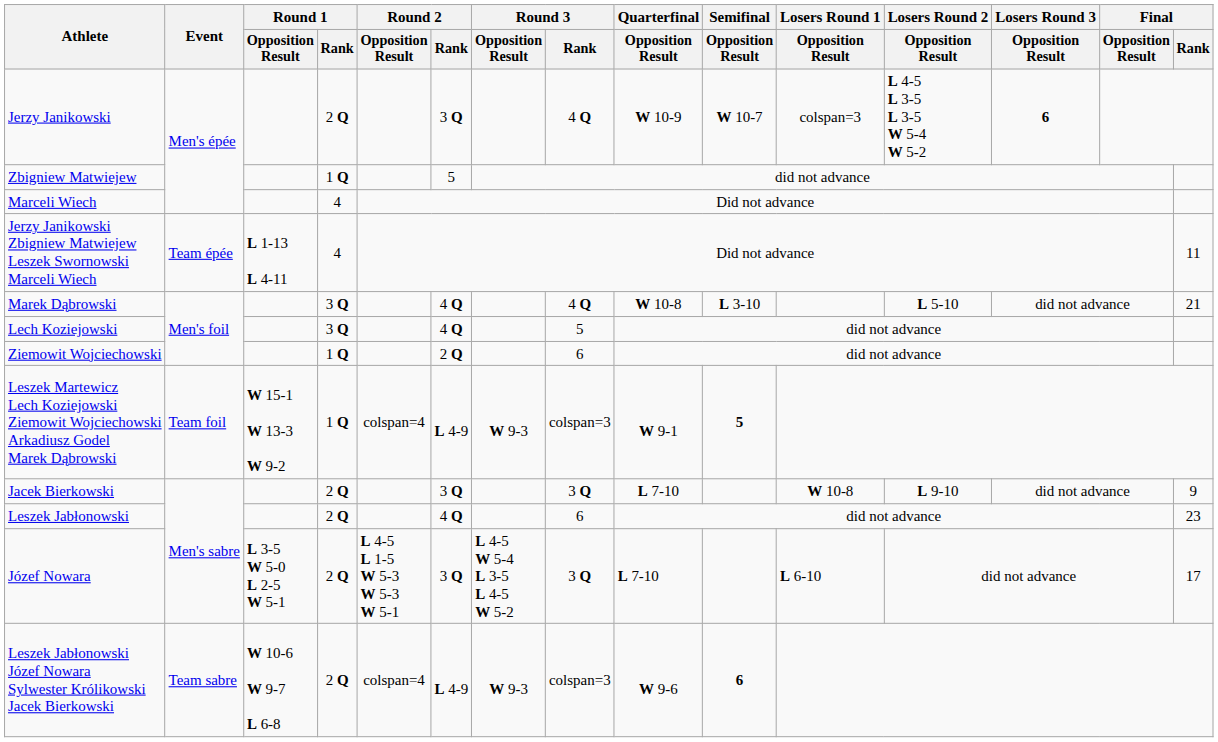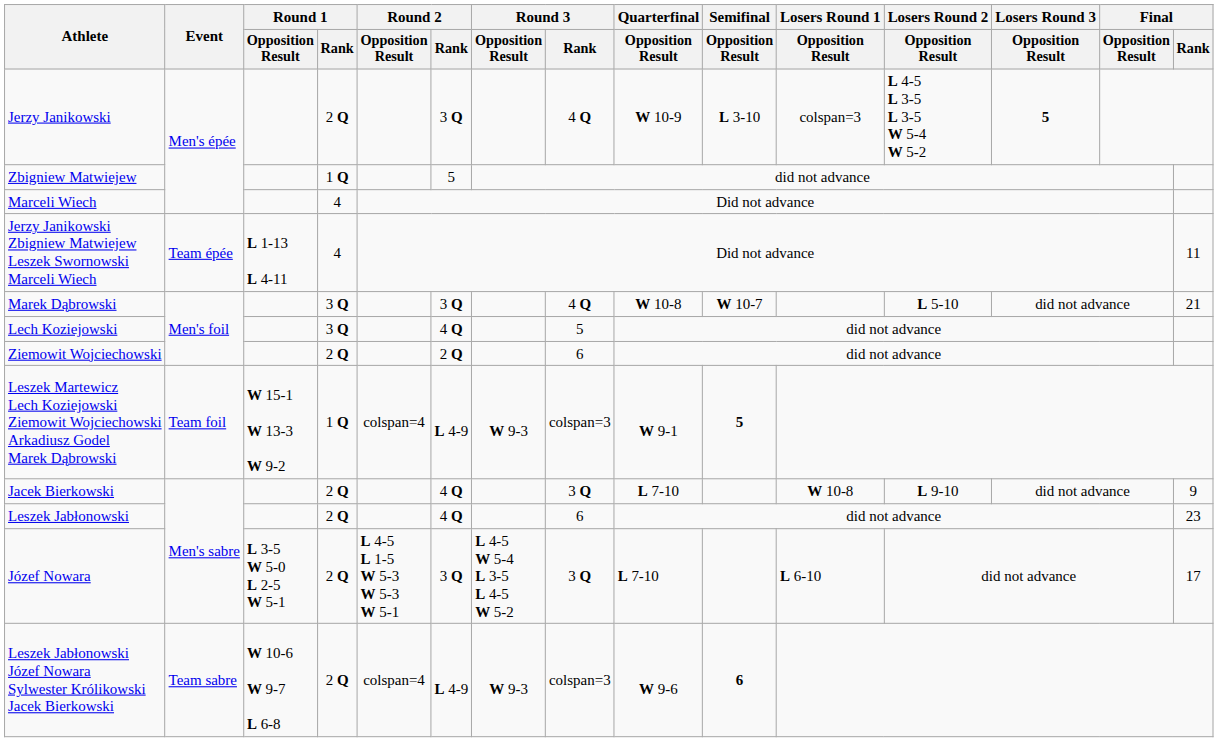 <table class="wikitable" style="font-size:90%;">
 <tr>
 <th rowspan="2">Athlete</th>
 <th rowspan="2">Event</th>
 <th colspan="2">Round 1</th>
 <th colspan="2">Round 2</th>
 <th colspan="2">Round 3</th>
 <th colspan="1">Quarterfinal</th>
 <th colspan="1">Semifinal</th>
 <th colspan="1">Losers Round 1</th>
 <th colspan="1">Losers Round 2</th>
 <th colspan="1">Losers Round 3</th>
 <th colspan=2>Final</th>
 </tr>
 <tr style="font-size:95%">
 <th>Opposition<br>Result</th>
 <th>Rank</th>
 <th>Opposition<br>Result</th>
 <th>Rank</th>
 <th>Opposition<br>Result</th>
 <th>Rank</th>
 <th>Opposition<br>Result</th>
 <th>Opposition<br>Result</th>
 <th>Opposition<br>Result</th>
 <th>Opposition<br>Result</th>
 <th>Opposition<br>Result</th>
 <th>Opposition<br>Result</th>
 <th>Rank</th>
 </tr>
 <tr align=center>
 <td align=left><a href='#'>Jerzy Janikowski</a></td>
 <td align=left rowspan=3><a href='#'>Men's épée</a></td>
 <td></td>
 <td>2 <strong>Q</strong></td>
 <td></td>
 <td>3 <strong>Q</strong></td>
 <td></td>
 <td>4 <strong>Q</strong></td>
 <td> <strong>W</strong> 10-9</td>
-<td> <strong>W</strong> 10-7</td>
+<td> <strong>L</strong> 3-10</td>
 <td>colspan=3 </td>
 <td align=left> <strong>L</strong> 4-5<br> <strong>L</strong> 3-5<br> <strong>L</strong> 3-5<br> <strong>W</strong> 5-4<br> <strong>W</strong> 5-2</td>
-<td><strong>6</strong></td>
+<td><strong>5</strong></td>
 </tr>
 <tr align=center>
 <td align=left><a href='#'>Zbigniew Matwiejew</a></td>
 <td></td>
 <td>1 <strong>Q</strong></td>
 <td></td>
 <td>5</td>
 <td colspan=8>did not advance</td>
 <td></td>
 </tr>
 <tr align=center>
 <td align=left><a href='#'>Marceli Wiech</a></td>
 <td></td>
 <td>4</td>
 <td colspan=10>Did not advance</td>
 <td></td>
 </tr>
 <tr align=center>
 <td align=left><a href='#'>Jerzy Janikowski</a><br><a href='#'>Zbigniew Matwiejew</a><br><a href='#'>Leszek Swornowski</a><br><a href='#'>Marceli Wiech</a></td>
 <td align=left><a href='#'>Team épée</a></td>
 <td align=left><br> <strong>L</strong> 1-13<br><br> <strong>L</strong> 4-11</td>
 <td>4</td>
 <td colspan=10>Did not advance</td>
 <td>11</td>
 </tr>
 <tr align=center>
 <td align=left><a href='#'>Marek Dąbrowski</a></td>
 <td align=left rowspan=3><a href='#'>Men's foil</a></td>
 <td></td>
 <td>3 <strong>Q</strong></td>
 <td></td>
-<td>4 <strong>Q</strong></td>
+<td>3 <strong>Q</strong></td>
 <td></td>
 <td>4 <strong>Q</strong></td>
 <td> <strong>W</strong> 10-8</td>
-<td> <strong>L</strong> 3-10</td>
+<td> <strong>W</strong> 10-7</td>
 <td></td>
 <td> <strong>L</strong> 5-10</td>
 <td colspan=2>did not advance</td>
 <td>21</td>
 </tr>
 <tr align=center>
 <td align=left><a href='#'>Lech Koziejowski</a></td>
 <td></td>
 <td>3 <strong>Q</strong></td>
 <td></td>
 <td>4 <strong>Q</strong></td>
 <td></td>
 <td>5</td>
 <td colspan=6>did not advance</td>
 <td></td>
 </tr>
 <tr align=center>
 <td align=left><a href='#'>Ziemowit Wojciechowski</a></td>
 <td></td>
-<td>1 <strong>Q</strong></td>
+<td>2 <strong>Q</strong></td>
 <td></td>
 <td>2 <strong>Q</strong></td>
 <td></td>
 <td>6</td>
 <td colspan=6>did not advance</td>
 <td></td>
 </tr>
 <tr align=center>
 <td align=left><a href='#'>Leszek Martewicz</a><br><a href='#'>Lech Koziejowski</a><br><a href='#'>Ziemowit Wojciechowski</a><br><a href='#'>Arkadiusz Godel</a><br><a href='#'>Marek Dąbrowski</a></td>
 <td align=left><a href='#'>Team foil</a></td>
 <td align=left><br> <strong>W</strong> 15-1<br><br> <strong>W</strong> 13-3<br><br> <strong>W</strong> 9-2</td>
 <td>1 <strong>Q</strong></td>
 <td>colspan=4 </td>
 <td><br> <strong>L</strong> 4-9</td>
 <td><br> <strong>W</strong> 9-3</td>
 <td>colspan=3 </td>
 <td><br> <strong>W</strong> 9-1</td>
 <td><strong>5</strong></td>
 </tr>
 <tr align=center>
 <td align=left><a href='#'>Jacek Bierkowski</a></td>
 <td align=left rowspan=3><a href='#'>Men's sabre</a></td>
 <td></td>
 <td>2 <strong>Q</strong></td>
 <td></td>
-<td>3 <strong>Q</strong></td>
+<td>4 <strong>Q</strong></td>
 <td></td>
 <td>3 <strong>Q</strong></td>
 <td> <strong>L</strong> 7-10</td>
 <td></td>
 <td> <strong>W</strong> 10-8</td>
 <td> <strong>L</strong> 9-10</td>
 <td colspan=2>did not advance</td>
 <td>9</td>
 </tr>
 <tr align=center>
 <td align=left><a href='#'>Leszek Jabłonowski</a></td>
 <td></td>
 <td>2 <strong>Q</strong></td>
 <td></td>
 <td>4 <strong>Q</strong></td>
 <td></td>
 <td>6</td>
 <td colspan=6>did not advance</td>
 <td>23</td>
 </tr>
 <tr align=center>
 <td align=left><a href='#'>Józef Nowara</a></td>
 <td align=left> <strong>L</strong> 3-5<br> <strong>W</strong> 5-0<br> <strong>L</strong> 2-5<br> <strong>W</strong> 5-1</td>
 <td>2 <strong>Q</strong></td>
 <td align=left> <strong>L</strong> 4-5<br> <strong>L</strong> 1-5<br> <strong>W</strong> 5-3<br> <strong>W</strong> 5-3<br> <strong>W</strong> 5-1</td>
 <td>3 <strong>Q</strong></td>
 <td align=left> <strong>L</strong> 4-5<br> <strong>W</strong> 5-4<br> <strong>L</strong> 3-5<br> <strong>L</strong> 4-5<br> <strong>W</strong> 5-2</td>
 <td>3 <strong>Q</strong></td>
 <td align=left> <strong>L</strong> 7-10</td>
 <td></td>
 <td align=left> <strong>L</strong> 6-10</td>
 <td colspan=3>did not advance</td>
 <td>17</td>
 </tr>
 <tr align=center>
 <td align=left><a href='#'>Leszek Jabłonowski</a><br><a href='#'>Józef Nowara</a><br><a href='#'>Sylwester Królikowski</a><br><a href='#'>Jacek Bierkowski</a></td>
 <td align=left><a href='#'>Team sabre</a></td>
 <td align=left><br> <strong>W</strong> 10-6<br><br> <strong>W</strong> 9-7<br><br> <strong>L</strong> 6-8</td>
 <td>2 <strong>Q</strong></td>
 <td>colspan=4 </td>
 <td><br> <strong>L</strong> 4-9</td>
 <td><br> <strong>W</strong> 9-3</td>
 <td>colspan=3 </td>
 <td><br> <strong>W</strong> 9-6</td>
 <td><strong>6</strong></td>
 </tr>
 </table>
